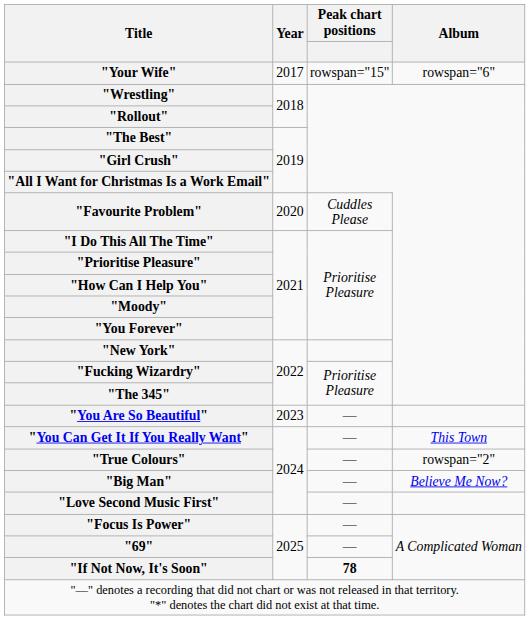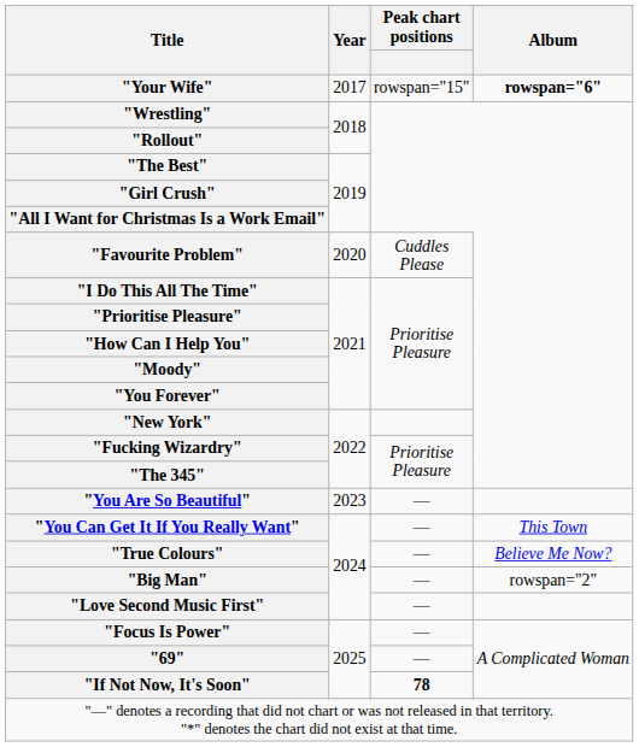 <table class="wikitable plainrowheaders" style="text-align:center;">
 <tr>
 <th scope="col" rowspan="2">Title</th>
 <th scope="col" rowspan="2">Year</th>
 <th scope="col" colspan="1">Peak chart positions</th>
 <th scope="col" rowspan="2">Album</th>
 </tr>
 <tr>
 <th scope="col" style="width:2.5em;font-size:90%;"><a href='#'></a><br></th>
 </tr>
 <tr>
 <th scope="row">"Your Wife"</th>
 <td>2017</td>
 <td>rowspan="15" </td>
-<td>rowspan="6" </td>
+<td><strong>rowspan="6" </strong></td>
 </tr>
 <tr>
 <th scope="row">"Wrestling"</th>
 <td rowspan="2">2018</td>
 </tr>
 <tr>
 <th scope="row">"Rollout"</th>
 </tr>
 <tr>
 <th scope="row">"The Best"</th>
 <td rowspan="3">2019</td>
 </tr>
 <tr>
 <th scope="row">"Girl Crush"</th>
 </tr>
 <tr>
 <th scope="row">"All I Want for Christmas Is a Work Email"</th>
 </tr>
 <tr>
 <th scope="row">"Favourite Problem"</th>
 <td>2020</td>
 <td><em>Cuddles Please</em></td>
 </tr>
 <tr>
 <th scope="row">"I Do This All The Time"</th>
 <td rowspan="5">2021</td>
 <td rowspan="5"><em>Prioritise Pleasure</em></td>
 </tr>
 <tr>
 <th scope="row">"Prioritise Pleasure"</th>
 </tr>
 <tr>
 <th scope="row">"How Can I Help You"</th>
 </tr>
 <tr>
 <th scope="row">"Moody"</th>
 </tr>
 <tr>
 <th scope="row">"You Forever"</th>
 </tr>
 <tr>
 <th scope="row">"New York"</th>
 <td rowspan="3">2022</td>
 <td></td>
 </tr>
 <tr>
 <th scope="row">"Fucking Wizardry"</th>
 <td rowspan="2"><em>Prioritise Pleasure</em></td>
 </tr>
 <tr>
 <th scope="row">"The 345"</th>
 </tr>
 <tr>
 <th scope="row">"<a href='#'>You Are So Beautiful</a>"</th>
 <td>2023</td>
 <td>—</td>
 <td></td>
 </tr>
 <tr>
 <th scope="row">"<a href='#'>You Can Get It If You Really Want</a>"</th>
 <td rowspan="4">2024</td>
 <td>—</td>
 <td><em><a href='#'>This Town</a></em></td>
 </tr>
 <tr>
 <th scope="row">"True Colours"<br></th>
 <td>—</td>
-<td>rowspan="2" </td>
+<td><em><a href='#'>Believe Me Now?</a></em></td>
 </tr>
 <tr>
 <th scope="row">"Big Man"<br></th>
 <td>—</td>
-<td><em><a href='#'>Believe Me Now?</a></em></td>
+<td>rowspan="2" </td>
 </tr>
 <tr>
 <th scope="row">"Love Second Music First"</th>
 <td>—</td>
 </tr>
 <tr>
 <th scope="row">"Focus Is Power"</th>
 <td rowspan="3">2025</td>
 <td>—</td>
 <td rowspan="3"><em>A Complicated Woman</em></td>
 </tr>
 <tr>
 <th scope="row">"69"</th>
 <td>—</td>
 </tr>
 <tr>
 <th scope="row">"If Not Now, It's Soon"</th>
 <td><strong>78</strong></td>
 </tr>
 <tr>
 <td colspan="15" style="font-size:90%">"—" denotes a recording that did not chart or was not released in that territory.<br>"*" denotes the chart did not exist at that time.</td>
 </tr>
 </table>
